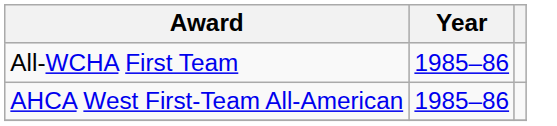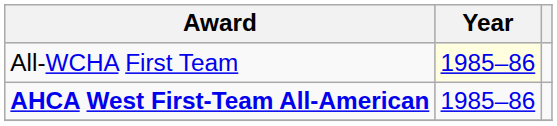 <table class="wikitable">
 <tr>
 <th>Award</th>
 <th>Year</th>
 <th></th>
 </tr>
 <tr>
 <td>All-<a href='#'>WCHA</a> <a href='#'>First Team</a></td>
-<td><a href='#'>1985–86</a></td>
+<td style="background: lightyellow;"><a href='#'>1985–86</a></td>
 <td></td>
 </tr>
 <tr>
-<td><a href='#'>AHCA</a> <a href='#'>West First-Team All-American</a></td>
+<td><strong><a href='#'>AHCA</a> <a href='#'>West First-Team All-American</a></strong></td>
 <td><a href='#'>1985–86</a></td>
 <td></td>
 </tr>
 <tr>
 </tr>
 </table>
